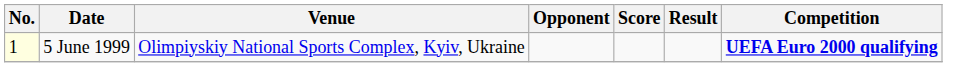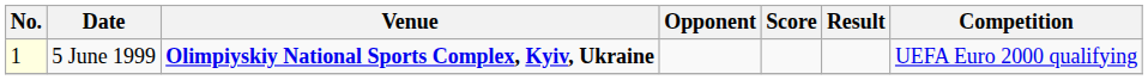 <table class="wikitable">
 <tr>
 <th>No.</th>
 <th>Date</th>
 <th>Venue</th>
 <th>Opponent</th>
 <th>Score</th>
 <th>Result</th>
 <th>Competition</th>
 </tr>
 <tr>
 <td style="background: lightyellow;">1</td>
 <td>5 June 1999</td>
-<td><a href='#'>Olimpiyskiy National Sports Complex</a>, <a href='#'>Kyiv</a>, Ukraine</td>
+<td><strong><a href='#'>Olimpiyskiy National Sports Complex</a>, <a href='#'>Kyiv</a>, Ukraine</strong></td>
 <td></td>
 <td></td>
 <td></td>
-<td><strong><a href='#'>UEFA Euro 2000 qualifying</a></strong></td>
+<td><a href='#'>UEFA Euro 2000 qualifying</a></td>
 </tr>
 <tr>
 </tr>
 </table>
